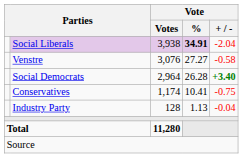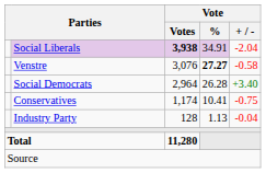 <table class="wikitable" style="text-align:right;">
 <tr>
 <th style="text-align:centre;" rowspan="2" colspan="2" width="225">Parties</th>
 <th colspan="3">Vote</th>
 </tr>
 <tr>
 <th width="15">Votes</th>
 <th width="15">%</th>
 <th width="15">+ / -</th>
 </tr>
 <tr>
 <td width="2" style="color:inherit;background:"></td>
 <td bgcolor=#e3c8e9  align="left"><a href='#'>Social Liberals</a></td>
-<td bgcolor=#e3c8e9>3,938</td>
-<td bgcolor=#e3c8e9><strong>34.91</strong></td>
+<td bgcolor=#e3c8e9><strong>3,938</strong></td>
+<td bgcolor=#e3c8e9>34.91</td>
 <td style=color:red;>-2.04</td>
 </tr>
 <tr>
 <td width="2" style="color:inherit;background:"></td>
 <td align="left"><a href='#'>Venstre</a></td>
 <td>3,076</td>
-<td>27.27</td>
+<td><strong>27.27</strong></td>
 <td style=color:red;>-0.58</td>
 </tr>
 <tr>
 <td width="2" style="color:inherit;background:"></td>
 <td align="left"><a href='#'>Social Democrats</a></td>
 <td>2,964</td>
 <td>26.28</td>
-<td style=color:green;><strong>+3.40</strong></td>
+<td style=color:green;>+3.40</td>
 </tr>
 <tr>
 <td width="2" style="color:inherit;background:"></td>
 <td align="left"><a href='#'>Conservatives</a></td>
 <td>1,174</td>
 <td>10.41</td>
 <td style=color:red;>-0.75</td>
 </tr>
 <tr>
 <td width="2" style="color:inherit;background:"></td>
 <td align="left"><a href='#'>Industry Party</a></td>
 <td>128</td>
 <td>1.13</td>
 <td style=color:red;>-0.04</td>
 </tr>
 <tr>
 <td colspan="7" bgcolor="#E9E9E9"></td>
 </tr>
 <tr>
 <td align="left" colspan="2"><strong>Total</strong></td>
 <td><strong>11,280</strong></td>
 <td bgcolor="#E9E9E9" colspan="2"></td>
 </tr>
 <tr>
 <td align="left" colspan="6">Source</td>
 </tr>
 </table>
